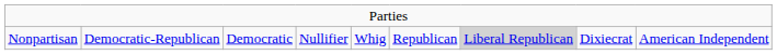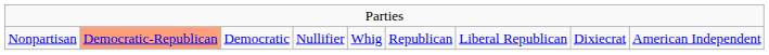 <table class="wikitable">
 <tr>
 <td style="text-align:center;" colspan="9">Parties</td>
 </tr>
 <tr>
 <td><a href='#'>Nonpartisan</a></td>
-<td><a href='#'>Democratic-Republican</a></td>
+<td style="background: lightsalmon;"><a href='#'>Democratic-Republican</a></td>
 <td><a href='#'>Democratic</a></td>
 <td><a href='#'>Nullifier</a></td>
 <td><a href='#'>Whig</a></td>
 <td><a href='#'>Republican</a></td>
-<td style="background: lightgrey;"><a href='#'>Liberal Republican</a></td>
+<td><a href='#'>Liberal Republican</a></td>
 <td><a href='#'>Dixiecrat</a></td>
 <td><a href='#'>American Independent</a></td>
 </tr>
 </table>
